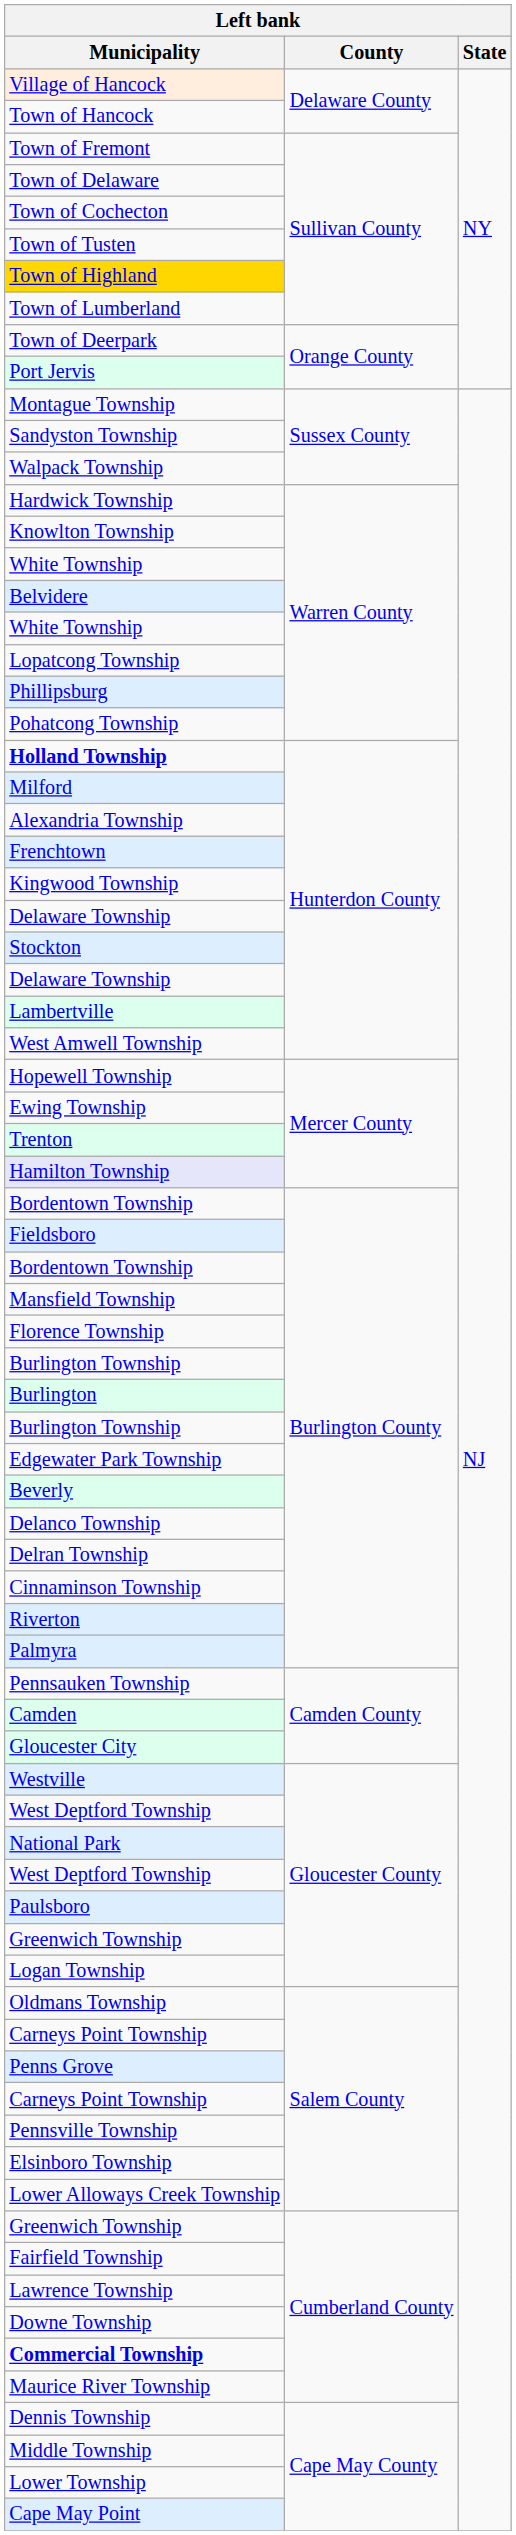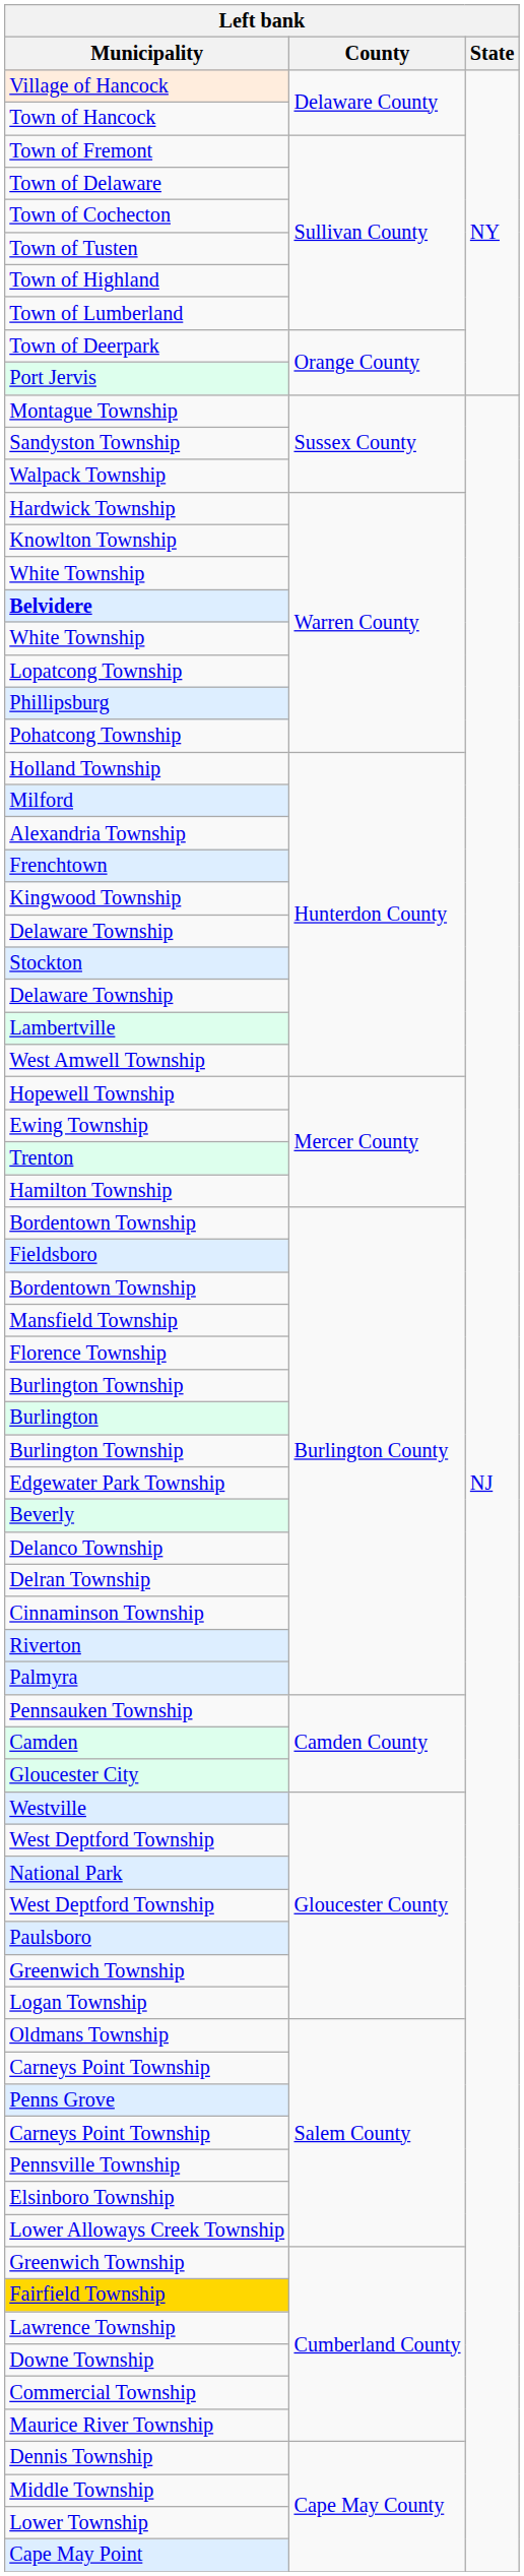 <table class="wikitable">
 <tr>
 <th colspan=3>Left bank</th>
 </tr>
 <tr>
 <th>Municipality</th>
 <th>County</th>
 <th>State</th>
 </tr>
 <tr>
 <td bgcolor=ffeddd><a href='#'>Village of Hancock</a></td>
 <td rowspan=2><a href='#'>Delaware County</a></td>
 <td rowspan=10><a href='#'>NY</a></td>
 </tr>
 <tr>
 <td><a href='#'>Town of Hancock</a></td>
 </tr>
 <tr>
 <td><a href='#'>Town of Fremont</a></td>
 <td rowspan=6><a href='#'>Sullivan County</a></td>
 </tr>
 <tr>
 <td><a href='#'>Town of Delaware</a></td>
 </tr>
 <tr>
 <td><a href='#'>Town of Cochecton</a></td>
 </tr>
 <tr>
 <td><a href='#'>Town of Tusten</a></td>
 </tr>
 <tr>
-<td style="background: gold;"><a href='#'>Town of Highland</a></td>
+<td><a href='#'>Town of Highland</a></td>
 </tr>
 <tr>
 <td><a href='#'>Town of Lumberland</a></td>
 </tr>
 <tr>
 <td><a href='#'>Town of Deerpark</a></td>
 <td rowspan=2><a href='#'>Orange County</a></td>
 </tr>
 <tr>
 <td bgcolor=ddffed><a href='#'>Port Jervis</a></td>
 </tr>
 <tr>
 <td><a href='#'>Montague Township</a></td>
 <td rowspan=3><a href='#'>Sussex County</a></td>
 <td rowspan=67><a href='#'>NJ</a></td>
 </tr>
 <tr>
 <td><a href='#'>Sandyston Township</a></td>
 </tr>
 <tr>
 <td><a href='#'>Walpack Township</a></td>
 </tr>
 <tr>
 <td><a href='#'>Hardwick Township</a></td>
 <td rowspan=8><a href='#'>Warren County</a></td>
 </tr>
 <tr>
 <td><a href='#'>Knowlton Township</a></td>
 </tr>
 <tr>
 <td><a href='#'>White Township</a></td>
 </tr>
 <tr>
-<td bgcolor=ddeeff><a href='#'>Belvidere</a></td>
+<td bgcolor=ddeeff><strong><a href='#'>Belvidere</a></strong></td>
 </tr>
 <tr>
 <td><a href='#'>White Township</a></td>
 </tr>
 <tr>
 <td><a href='#'>Lopatcong Township</a></td>
 </tr>
 <tr>
 <td bgcolor=ddeeff><a href='#'>Phillipsburg</a></td>
 </tr>
 <tr>
 <td><a href='#'>Pohatcong Township</a></td>
 </tr>
 <tr>
-<td><strong><a href='#'>Holland Township</a></strong></td>
+<td><a href='#'>Holland Township</a></td>
 <td rowspan=10><a href='#'>Hunterdon County</a></td>
 </tr>
 <tr>
 <td bgcolor=ddeeff><a href='#'>Milford</a></td>
 </tr>
 <tr>
 <td><a href='#'>Alexandria Township</a></td>
 </tr>
 <tr>
 <td bgcolor=ddeeff><a href='#'>Frenchtown</a></td>
 </tr>
 <tr>
 <td><a href='#'>Kingwood Township</a></td>
 </tr>
 <tr>
 <td><a href='#'>Delaware Township</a></td>
 </tr>
 <tr>
 <td bgcolor=ddeeff><a href='#'>Stockton</a></td>
 </tr>
 <tr>
 <td><a href='#'>Delaware Township</a></td>
 </tr>
 <tr>
 <td bgcolor=ddffed><a href='#'>Lambertville</a></td>
 </tr>
 <tr>
 <td><a href='#'>West Amwell Township</a></td>
 </tr>
 <tr>
 <td><a href='#'>Hopewell Township</a></td>
 <td rowspan=4><a href='#'>Mercer County</a></td>
 </tr>
 <tr>
 <td><a href='#'>Ewing Township</a></td>
 </tr>
 <tr>
 <td bgcolor=ddffed><a href='#'>Trenton</a></td>
 </tr>
 <tr>
-<td style="background: lavender;"><a href='#'>Hamilton Township</a></td>
+<td><a href='#'>Hamilton Township</a></td>
 </tr>
 <tr>
 <td><a href='#'>Bordentown Township</a></td>
 <td rowspan=15><a href='#'>Burlington County</a></td>
 </tr>
 <tr>
 <td bgcolor=ddeeff><a href='#'>Fieldsboro</a></td>
 </tr>
 <tr>
 <td><a href='#'>Bordentown Township</a></td>
 </tr>
 <tr>
 <td><a href='#'>Mansfield Township</a></td>
 </tr>
 <tr>
 <td><a href='#'>Florence Township</a></td>
 </tr>
 <tr>
 <td><a href='#'>Burlington Township</a></td>
 </tr>
 <tr>
 <td bgcolor=ddffed><a href='#'>Burlington</a></td>
 </tr>
 <tr>
 <td><a href='#'>Burlington Township</a></td>
 </tr>
 <tr>
 <td><a href='#'>Edgewater Park Township</a></td>
 </tr>
 <tr>
 <td bgcolor=ddffed><a href='#'>Beverly</a></td>
 </tr>
 <tr>
 <td><a href='#'>Delanco Township</a></td>
 </tr>
 <tr>
 <td><a href='#'>Delran Township</a></td>
 </tr>
 <tr>
 <td><a href='#'>Cinnaminson Township</a></td>
 </tr>
 <tr>
 <td bgcolor=ddeeff><a href='#'>Riverton</a></td>
 </tr>
 <tr>
 <td bgcolor=ddeeff><a href='#'>Palmyra</a></td>
 </tr>
 <tr>
 <td><a href='#'>Pennsauken Township</a></td>
 <td rowspan=3><a href='#'>Camden County</a></td>
 </tr>
 <tr>
 <td bgcolor=ddffed><a href='#'>Camden</a></td>
 </tr>
 <tr>
 <td bgcolor=ddffed><a href='#'>Gloucester City</a></td>
 </tr>
 <tr>
 <td bgcolor=ddeeff><a href='#'>Westville</a></td>
 <td rowspan=7><a href='#'>Gloucester County</a></td>
 </tr>
 <tr>
 <td><a href='#'>West Deptford Township</a></td>
 </tr>
 <tr>
 <td bgcolor=ddeeff><a href='#'>National Park</a></td>
 </tr>
 <tr>
 <td><a href='#'>West Deptford Township</a></td>
 </tr>
 <tr>
 <td bgcolor=ddeeff><a href='#'>Paulsboro</a></td>
 </tr>
 <tr>
 <td><a href='#'>Greenwich Township</a></td>
 </tr>
 <tr>
 <td><a href='#'>Logan Township</a></td>
 </tr>
 <tr>
 <td><a href='#'>Oldmans Township</a></td>
 <td rowspan=7><a href='#'>Salem County</a></td>
 </tr>
 <tr>
 <td><a href='#'>Carneys Point Township</a></td>
 </tr>
 <tr>
 <td bgcolor=ddeeff><a href='#'>Penns Grove</a></td>
 </tr>
 <tr>
 <td><a href='#'>Carneys Point Township</a></td>
 </tr>
 <tr>
 <td><a href='#'>Pennsville Township</a></td>
 </tr>
 <tr>
 <td><a href='#'>Elsinboro Township</a></td>
 </tr>
 <tr>
 <td><a href='#'>Lower Alloways Creek Township</a></td>
 </tr>
 <tr>
 <td><a href='#'>Greenwich Township</a></td>
 <td rowspan=6><a href='#'>Cumberland County</a></td>
 </tr>
 <tr>
-<td><a href='#'>Fairfield Township</a></td>
+<td style="background: gold;"><a href='#'>Fairfield Township</a></td>
 </tr>
 <tr>
 <td><a href='#'>Lawrence Township</a></td>
 </tr>
 <tr>
 <td><a href='#'>Downe Township</a></td>
 </tr>
 <tr>
-<td><strong><a href='#'>Commercial Township</a></strong></td>
+<td><a href='#'>Commercial Township</a></td>
 </tr>
 <tr>
 <td><a href='#'>Maurice River Township</a></td>
 </tr>
 <tr>
 <td><a href='#'>Dennis Township</a></td>
 <td rowspan=4><a href='#'>Cape May County</a></td>
 </tr>
 <tr>
 <td><a href='#'>Middle Township</a></td>
 </tr>
 <tr>
 <td><a href='#'>Lower Township</a></td>
 </tr>
 <tr>
 <td bgcolor=ddeeff><a href='#'>Cape May Point</a></td>
 </tr>
 </table>
